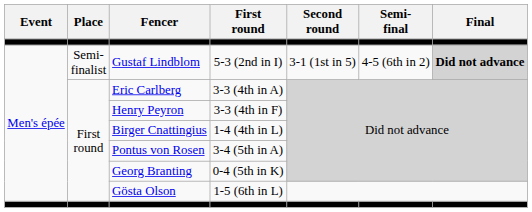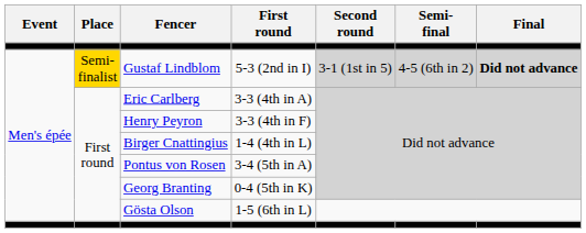 <table class=wikitable>
 <tr>
 <th>Event</th>
 <th>Place</th>
 <th>Fencer</th>
 <th>First <br> round</th>
 <th>Second <br> round</th>
 <th>Semi-<br>final</th>
 <th>Final</th>
 </tr>
 <tr bgcolor=black>
 <td></td>
 <td></td>
 <td></td>
 <td></td>
 <td></td>
 <td></td>
 <td></td>
 </tr>
 <tr align=center>
 <td rowspan=7 align=left><a href='#'>Men's épée</a></td>
-<td>Semi-<br>finalist</td>
+<td style="background: gold;">Semi-<br>finalist</td>
 <td align=left><a href='#'>Gustaf Lindblom</a></td>
 <td>5-3 (2nd in I)</td>
-<td>3-1 (1st in 5)</td>
-<td>4-5 (6th in 2)</td>
+<td style="background: lightgrey;">3-1 (1st in 5)</td>
+<td style="background: lightgrey;">4-5 (6th in 2)</td>
 <td bgcolor=lightgray><strong>Did not advance</strong></td>
 </tr>
 <tr align=center>
 <td rowspan=6>First <br> round</td>
 <td align=left><a href='#'>Eric Carlberg</a></td>
 <td>3-3 (4th in A)</td>
 <td rowspan=5 colspan=3 bgcolor=lightgray>Did not advance</td>
 </tr>
 <tr align=center>
 <td align=left><a href='#'>Henry Peyron</a></td>
 <td>3-3 (4th in F)</td>
 </tr>
 <tr align=center>
 <td align=left><a href='#'>Birger Cnattingius</a></td>
 <td>1-4 (4th in L)</td>
 </tr>
 <tr align=center>
 <td align=left><a href='#'>Pontus von Rosen</a></td>
 <td>3-4 (5th in A)</td>
 </tr>
 <tr align=center>
 <td align=left><a href='#'>Georg Branting</a></td>
 <td>0-4 (5th in K)</td>
 </tr>
 <tr align=center>
 <td align=left><a href='#'>Gösta Olson</a></td>
 <td>1-5 (6th in L)</td>
 </tr>
 <tr bgcolor=black>
 <td></td>
 <td></td>
 <td></td>
 <td></td>
 <td></td>
 <td></td>
 <td></td>
 </tr>
 </table>
